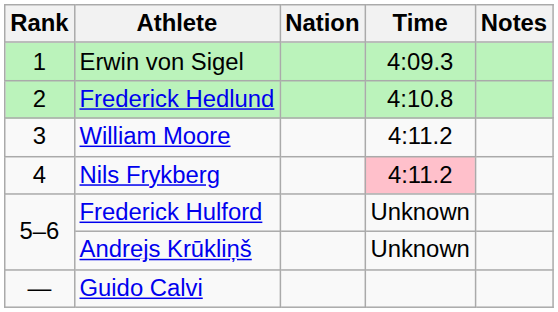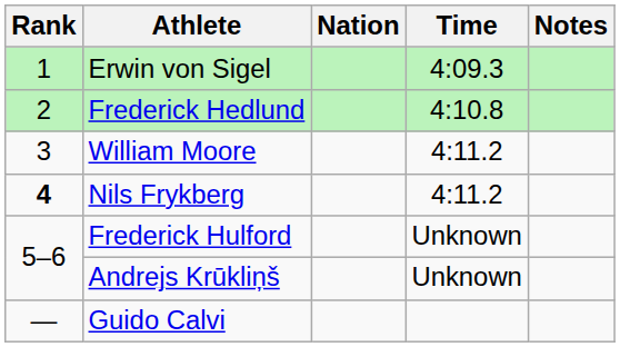 <table class="wikitable sortable" style="text-align:center">
 <tr>
 <th>Rank</th>
 <th>Athlete</th>
 <th>Nation</th>
 <th>Time</th>
 <th>Notes</th>
 </tr>
 <tr bgcolor=bbf3bb>
 <td>1</td>
 <td align=left>Erwin von Sigel</td>
 <td align=left></td>
 <td>4:09.3</td>
 <td></td>
 </tr>
 <tr bgcolor=bbf3bb>
 <td>2</td>
 <td align=left><a href='#'>Frederick Hedlund</a></td>
 <td align=left></td>
 <td>4:10.8</td>
 <td></td>
 </tr>
 <tr>
 <td>3</td>
 <td align=left><a href='#'>William Moore</a></td>
 <td align=left></td>
 <td>4:11.2</td>
 <td></td>
 </tr>
 <tr>
-<td>4</td>
+<td><strong>4</strong></td>
 <td align=left><a href='#'>Nils Frykberg</a></td>
 <td align=left></td>
-<td style="background: pink;">4:11.2</td>
+<td>4:11.2</td>
 <td></td>
 </tr>
 <tr>
 <td rowspan=2>5–6</td>
 <td align=left><a href='#'>Frederick Hulford</a></td>
 <td align=left></td>
 <td>Unknown</td>
 <td></td>
 </tr>
 <tr>
 <td align=left><a href='#'>Andrejs Krūkliņš</a></td>
 <td align=left></td>
 <td>Unknown</td>
 <td></td>
 </tr>
 <tr>
 <td data-sort-value=7>—</td>
 <td align=left><a href='#'>Guido Calvi</a></td>
 <td align=left></td>
 <td></td>
 <td></td>
 </tr>
 </table>
